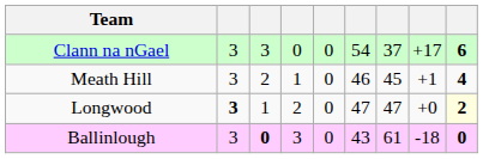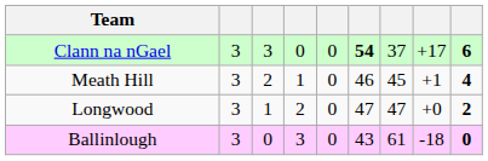 <table class="wikitable" style="text-align:center">
 <tr>
 <th style="width:175px;">Team</th>
 <th width="20"></th>
 <th width="20"></th>
 <th width="20"></th>
 <th width="20"></th>
 <th width="20"></th>
 <th width="20"></th>
 <th width="20"></th>
 <th width="20"></th>
 </tr>
 <tr style="background:#cfc;">
 <td><a href='#'>Clann na nGael</a></td>
 <td>3</td>
 <td>3</td>
 <td>0</td>
 <td>0</td>
-<td>54</td>
+<td><strong>54</strong></td>
 <td>37</td>
 <td>+17</td>
 <td><strong>6</strong></td>
 </tr>
 <tr>
 <td>Meath Hill</td>
 <td>3</td>
 <td>2</td>
 <td>1</td>
 <td>0</td>
 <td>46</td>
 <td>45</td>
 <td>+1</td>
 <td><strong>4</strong></td>
 </tr>
 <tr>
 <td>Longwood</td>
-<td><strong>3</strong></td>
+<td>3</td>
 <td>1</td>
 <td>2</td>
 <td>0</td>
 <td>47</td>
 <td>47</td>
 <td>+0</td>
-<td style="background: lightyellow;"><strong>2</strong></td>
+<td><strong>2</strong></td>
 </tr>
 <tr style="background:#fcf;">
 <td>Ballinlough</td>
 <td>3</td>
-<td><strong>0</strong></td>
+<td>0</td>
 <td>3</td>
 <td>0</td>
 <td>43</td>
 <td>61</td>
 <td>-18</td>
 <td><strong>0</strong></td>
 </tr>
 </table>
